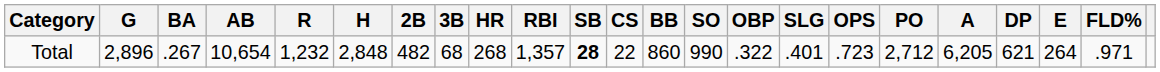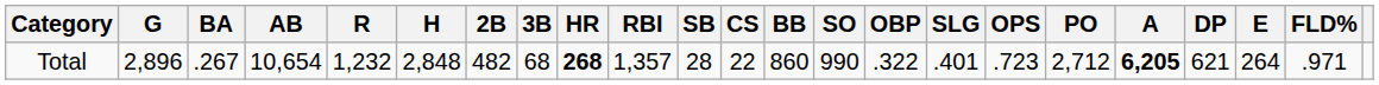 <table class="wikitable"  style="font-size: 95%; text-align:center;">
 <tr>
 <th>Category</th>
 <th>G</th>
 <th>BA</th>
 <th>AB</th>
 <th>R</th>
 <th>H</th>
 <th>2B</th>
 <th>3B</th>
 <th>HR</th>
 <th>RBI</th>
 <th>SB</th>
 <th>CS</th>
 <th>BB</th>
 <th>SO</th>
 <th>OBP</th>
 <th>SLG</th>
 <th>OPS</th>
 <th>PO</th>
 <th>A</th>
 <th>DP</th>
 <th>E</th>
 <th>FLD%</th>
 <th></th>
 </tr>
 <tr>
 <td>Total</td>
 <td>2,896</td>
 <td>.267</td>
 <td>10,654</td>
 <td>1,232</td>
 <td>2,848</td>
 <td>482</td>
 <td>68</td>
-<td>268</td>
+<td><strong>268</strong></td>
 <td>1,357</td>
-<td><strong>28</strong></td>
+<td>28</td>
 <td>22</td>
 <td>860</td>
 <td>990</td>
 <td>.322</td>
 <td>.401</td>
 <td>.723</td>
 <td>2,712</td>
-<td>6,205</td>
+<td><strong>6,205</strong></td>
 <td>621</td>
 <td>264</td>
 <td>.971</td>
 <td></td>
 </tr>
 </table>
